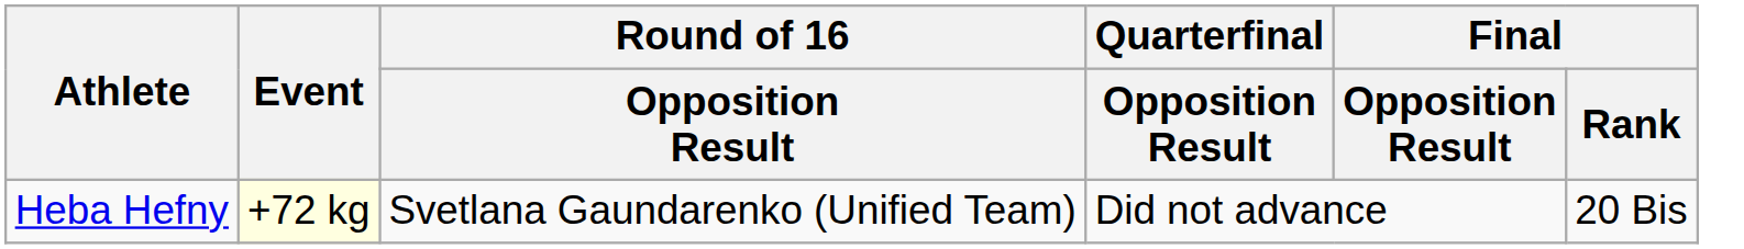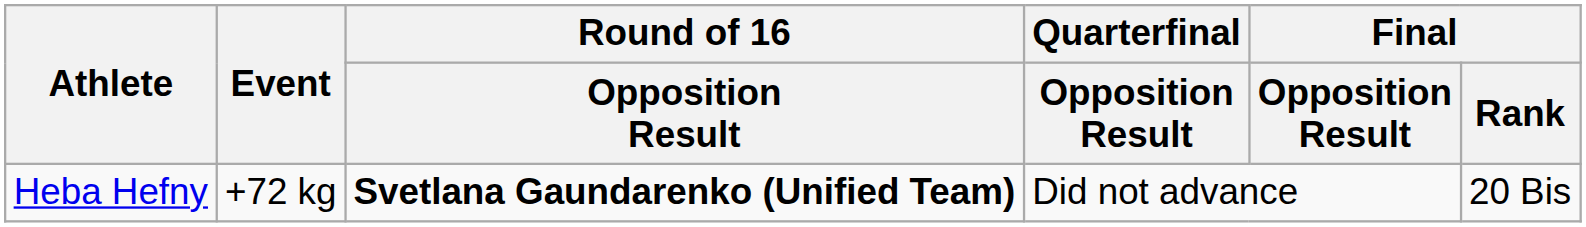 <table class="wikitable">
 <tr>
 <th rowspan="2">Athlete</th>
 <th rowspan="2">Event</th>
 <th>Round of 16</th>
 <th>Quarterfinal</th>
 <th colspan="2">Final</th>
 </tr>
 <tr>
 <th>Opposition<br>Result</th>
 <th>Opposition<br>Result</th>
 <th>Opposition<br>Result</th>
 <th>Rank</th>
 </tr>
 <tr>
 <td><a href='#'>Heba Hefny</a></td>
-<td style="background: lightyellow;">+72 kg</td>
-<td>Svetlana Gaundarenko (Unified Team)</td>
+<td>+72 kg</td>
+<td><strong>Svetlana Gaundarenko (Unified Team)</strong></td>
 <td colspan="2">Did not advance</td>
 <td>20 Bis</td>
 </tr>
 </table>
